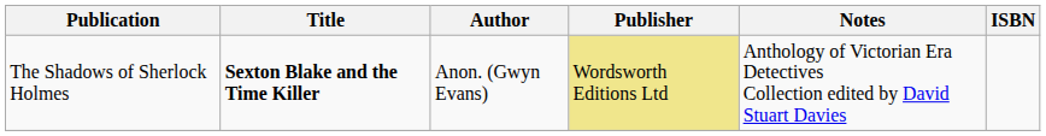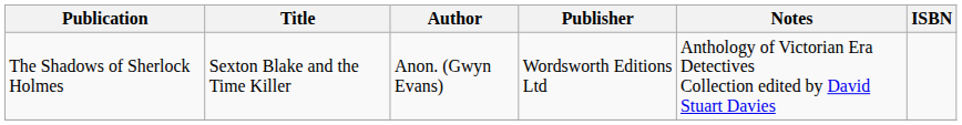 <table class="wikitable">
 <tr>
 <th>Publication</th>
 <th>Title</th>
 <th>Author</th>
 <th>Publisher</th>
 <th>Notes</th>
 <th>ISBN</th>
 </tr>
 <tr>
 <td>The Shadows of Sherlock Holmes</td>
-<td><strong>Sexton Blake and the Time Killer</strong></td>
+<td>Sexton Blake and the Time Killer</td>
 <td>Anon. (Gwyn Evans)</td>
-<td style="background: khaki;">Wordsworth Editions Ltd</td>
+<td>Wordsworth Editions Ltd</td>
 <td>Anthology of Victorian Era Detectives <br> Collection edited by <a href='#'>David Stuart Davies</a></td>
 <td></td>
 </tr>
 <tr>
 </tr>
 </table>
